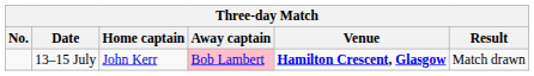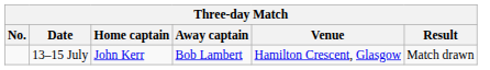 <table class="wikitable">
 <tr>
 <th colspan="9">Three-day Match</th>
 </tr>
 <tr>
 <th>No.</th>
 <th>Date</th>
 <th>Home captain</th>
 <th>Away captain</th>
 <th>Venue</th>
 <th>Result</th>
 </tr>
 <tr>
 <td></td>
 <td>13–15 July</td>
 <td><a href='#'>John Kerr</a></td>
-<td style="background: pink;"><a href='#'>Bob Lambert</a></td>
-<td><strong><a href='#'>Hamilton Crescent</a>, <a href='#'>Glasgow</a></strong></td>
+<td><a href='#'>Bob Lambert</a></td>
+<td><a href='#'>Hamilton Crescent</a>, <a href='#'>Glasgow</a></td>
 <td>Match drawn</td>
 </tr>
 </table>
